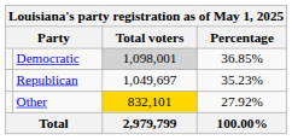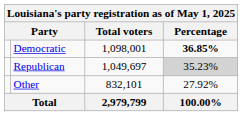 <table class=wikitable style="float:center">
 <tr>
 <th colspan = 6>Louisiana's party registration as of May 1, 2025</th>
 </tr>
 <tr>
 <th colspan = 2>Party</th>
 <th>Total voters</th>
 <th>Percentage</th>
 </tr>
 <tr>
 <td></td>
 <td><a href='#'>Democratic</a></td>
-<td align=center style="background: lightgrey;">1,098,001</td>
-<td align=center>36.85%</td>
+<td align=center>1,098,001</td>
+<td align=center><strong>36.85%</strong></td>
 </tr>
 <tr>
 <td></td>
 <td><a href='#'>Republican</a></td>
 <td align=center>1,049,697</td>
-<td align=center>35.23%</td>
+<td align=center style="background: lightgrey;">35.23%</td>
 </tr>
 <tr>
 <td></td>
 <td><a href='#'>Other</a></td>
-<td align=center style="background: gold;">832,101</td>
+<td align=center>832,101</td>
 <td align=center>27.92%</td>
 </tr>
 <tr>
 <th colspan = 2>Total</th>
 <th align=center>2,979,799</th>
 <th align=center>100.00%</th>
 </tr>
 </table>
